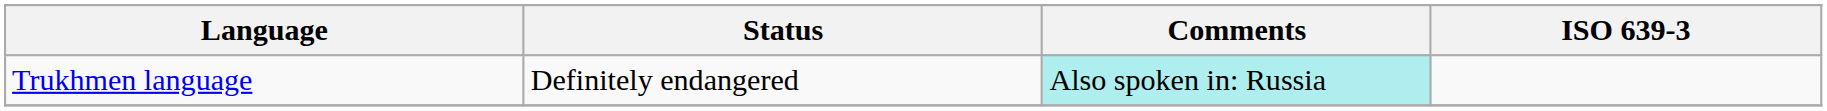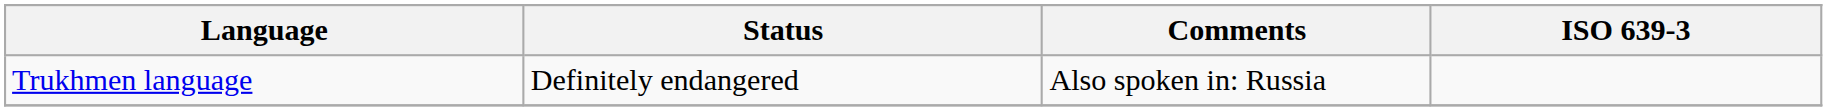 <table class="wikitable" align="center" style="font-size:90%">
 <tr>
 </tr>
 <tr>
 <th width="20%">Language</th>
 <th width="20%">Status</th>
 <th width="15%">Comments</th>
 <th width="15%">ISO 639-3</th>
 </tr>
 <tr>
 <td><a href='#'>Trukhmen language</a></td>
 <td>Definitely endangered</td>
-<td style="background: paleturquoise;">Also spoken in: Russia</td>
+<td>Also spoken in: Russia</td>
 <td> </td>
 </tr>
 <tr>
 </tr>
 </table>
